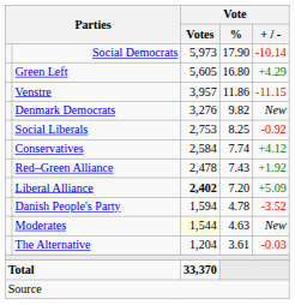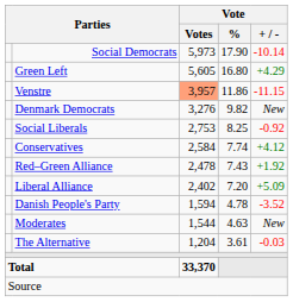 <table class="wikitable" style="text-align:right;">
 <tr>
 <th style="text-align:centre;" rowspan="2" colspan="2" width="225">Parties</th>
 <th colspan="3">Vote</th>
 </tr>
 <tr>
 <th width="15">Votes</th>
 <th width="15">%</th>
 <th width="15">+ / -</th>
 </tr>
 <tr>
 <td width=2 bgcolor=></td>
 <td><a href='#'>Social Democrats</a></td>
 <td>5,973</td>
 <td>17.90</td>
 <td style=color:red;>-10.14</td>
 </tr>
 <tr>
 <td width=2 bgcolor=></td>
 <td align=left><a href='#'>Green Left</a></td>
 <td>5,605</td>
 <td>16.80</td>
 <td style=color:green;>+4.29</td>
 </tr>
 <tr>
 <td width=2 bgcolor=></td>
 <td align=left><a href='#'>Venstre</a></td>
-<td>3,957</td>
+<td style="background: lightsalmon;">3,957</td>
 <td>11.86</td>
 <td style=color:red;>-11.15</td>
 </tr>
 <tr>
 <td width=2 bgcolor=></td>
 <td align=left><a href='#'>Denmark Democrats</a></td>
 <td>3,276</td>
 <td>9.82</td>
 <td><em>New</em></td>
 </tr>
 <tr>
 <td width=2 bgcolor=></td>
 <td align=left><a href='#'>Social Liberals</a></td>
 <td>2,753</td>
 <td>8.25</td>
 <td style=color:red;>-0.92</td>
 </tr>
 <tr>
 <td width=2 bgcolor=></td>
 <td align=left><a href='#'>Conservatives</a></td>
 <td>2,584</td>
 <td>7.74</td>
 <td style=color:green;>+4.12</td>
 </tr>
 <tr>
 <td width=2 bgcolor=></td>
 <td align=left><a href='#'>Red–Green Alliance</a></td>
 <td>2,478</td>
 <td>7.43</td>
 <td style=color:green;>+1.92</td>
 </tr>
 <tr>
 <td width=2 bgcolor=></td>
 <td align=left><a href='#'>Liberal Alliance</a></td>
-<td><strong>2,402</strong></td>
+<td>2,402</td>
 <td>7.20</td>
 <td style=color:green;>+5.09</td>
 </tr>
 <tr>
 <td width=2 bgcolor=></td>
 <td align=left><a href='#'>Danish People's Party</a></td>
 <td>1,594</td>
 <td>4.78</td>
 <td style=color:red;>-3.52</td>
 </tr>
 <tr>
 <td width=2 bgcolor=></td>
 <td align=left><a href='#'>Moderates</a></td>
-<td style="background: lightyellow;">1,544</td>
+<td>1,544</td>
 <td>4.63</td>
 <td><em>New</em></td>
 </tr>
 <tr>
 <td width=2 bgcolor=></td>
 <td align=left><a href='#'>The Alternative</a></td>
 <td>1,204</td>
 <td>3.61</td>
 <td style=color:red;>-0.03</td>
 </tr>
 <tr>
 <td colspan="7" bgcolor="#E9E9E9"></td>
 </tr>
 <tr>
 <td align="left" colspan="2"><strong>Total</strong></td>
 <td><strong>33,370</strong></td>
 <td bgcolor=#E9E9E9 colspan=2></td>
 </tr>
 <tr>
 <td align="left" colspan="6">Source</td>
 </tr>
 </table>
